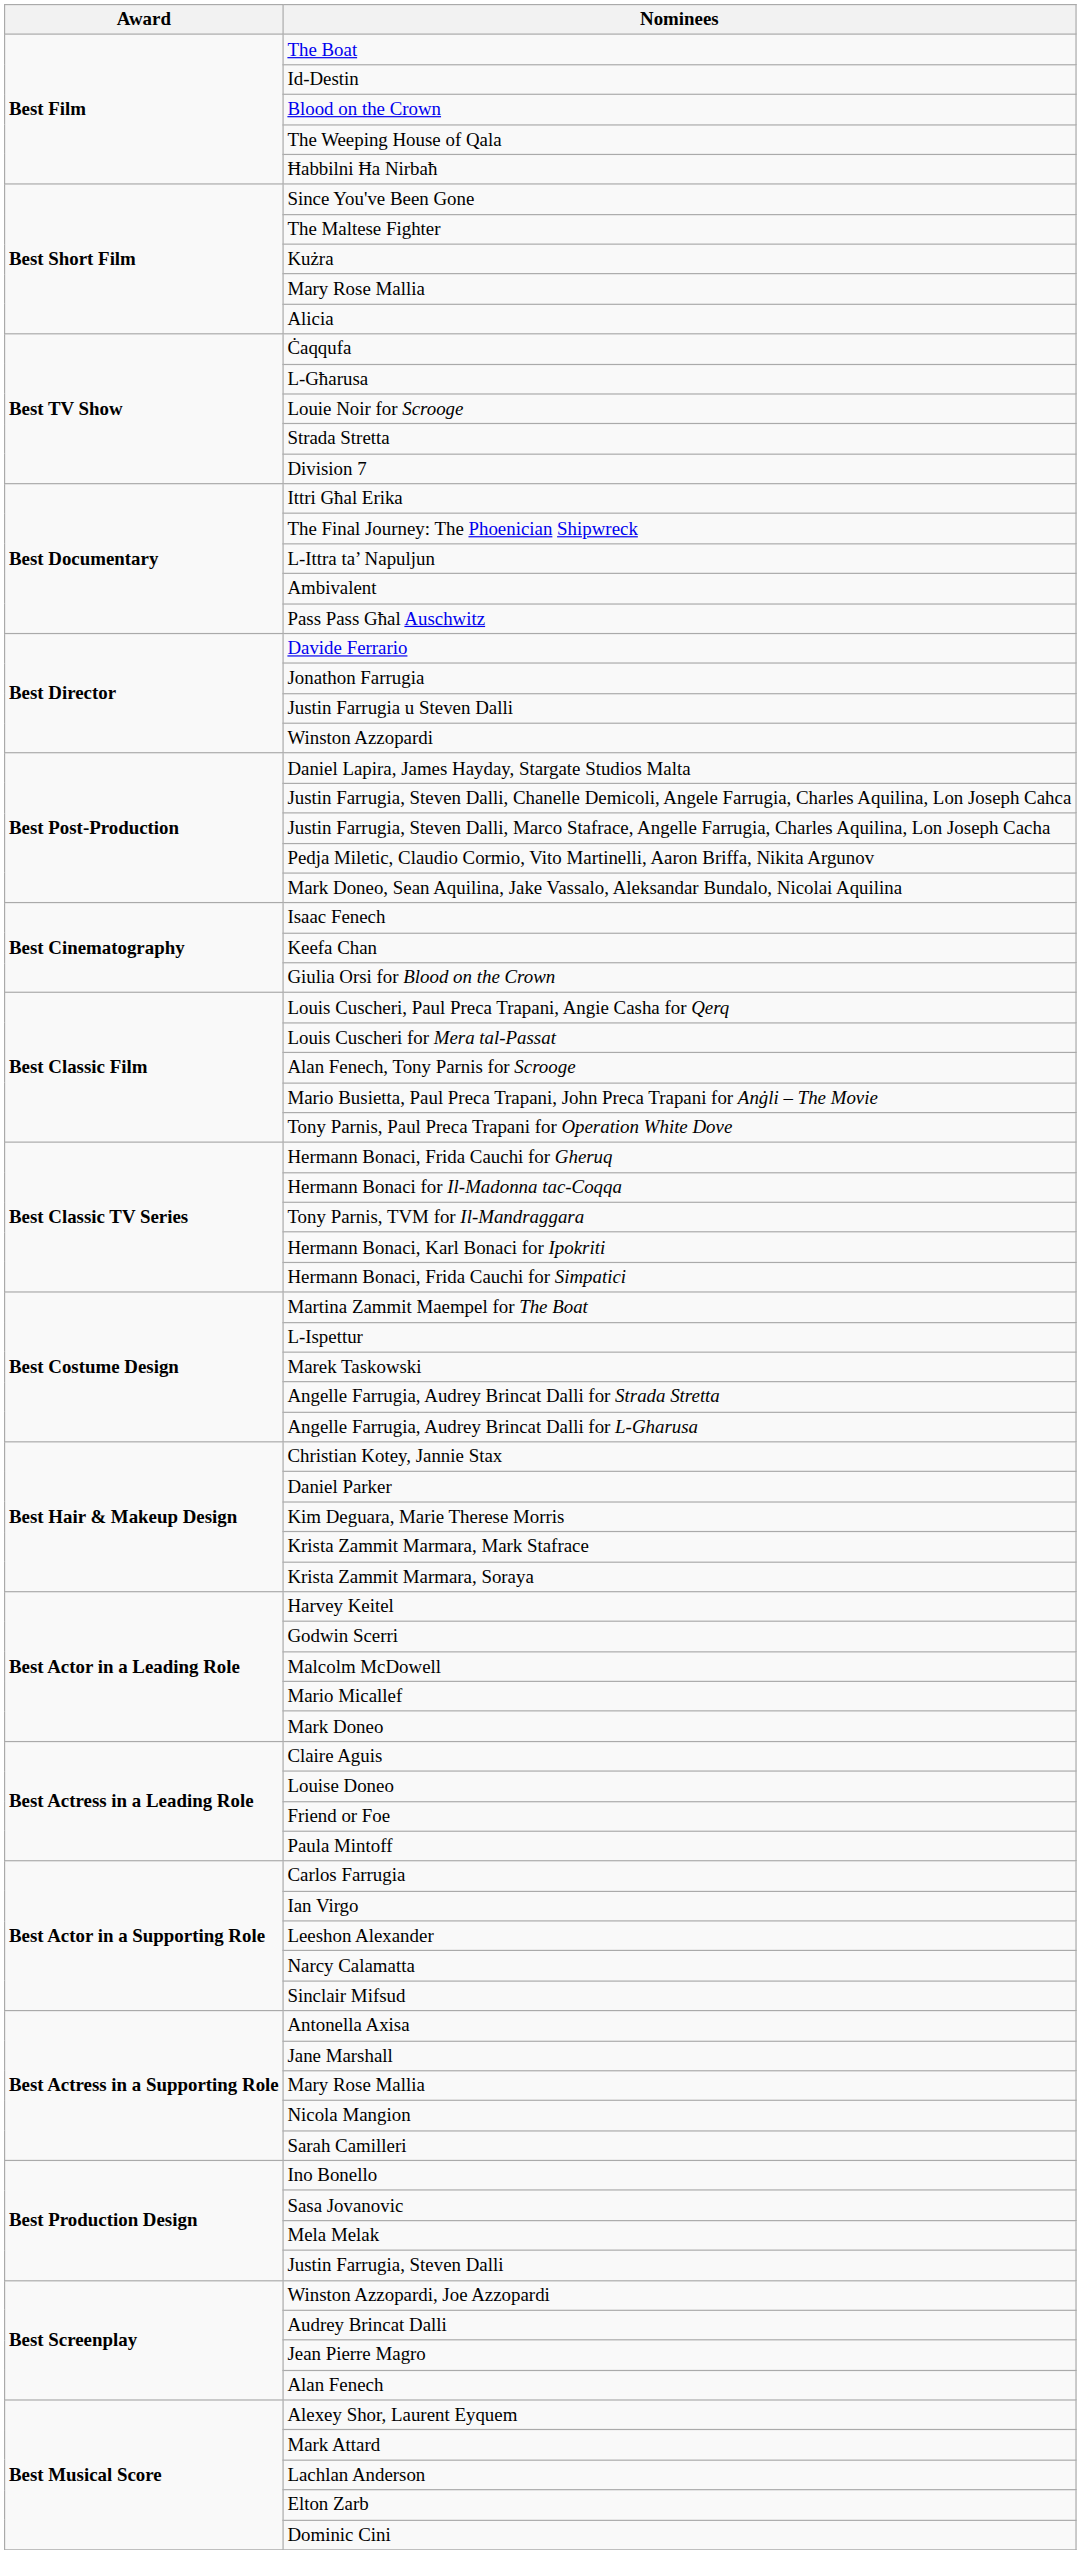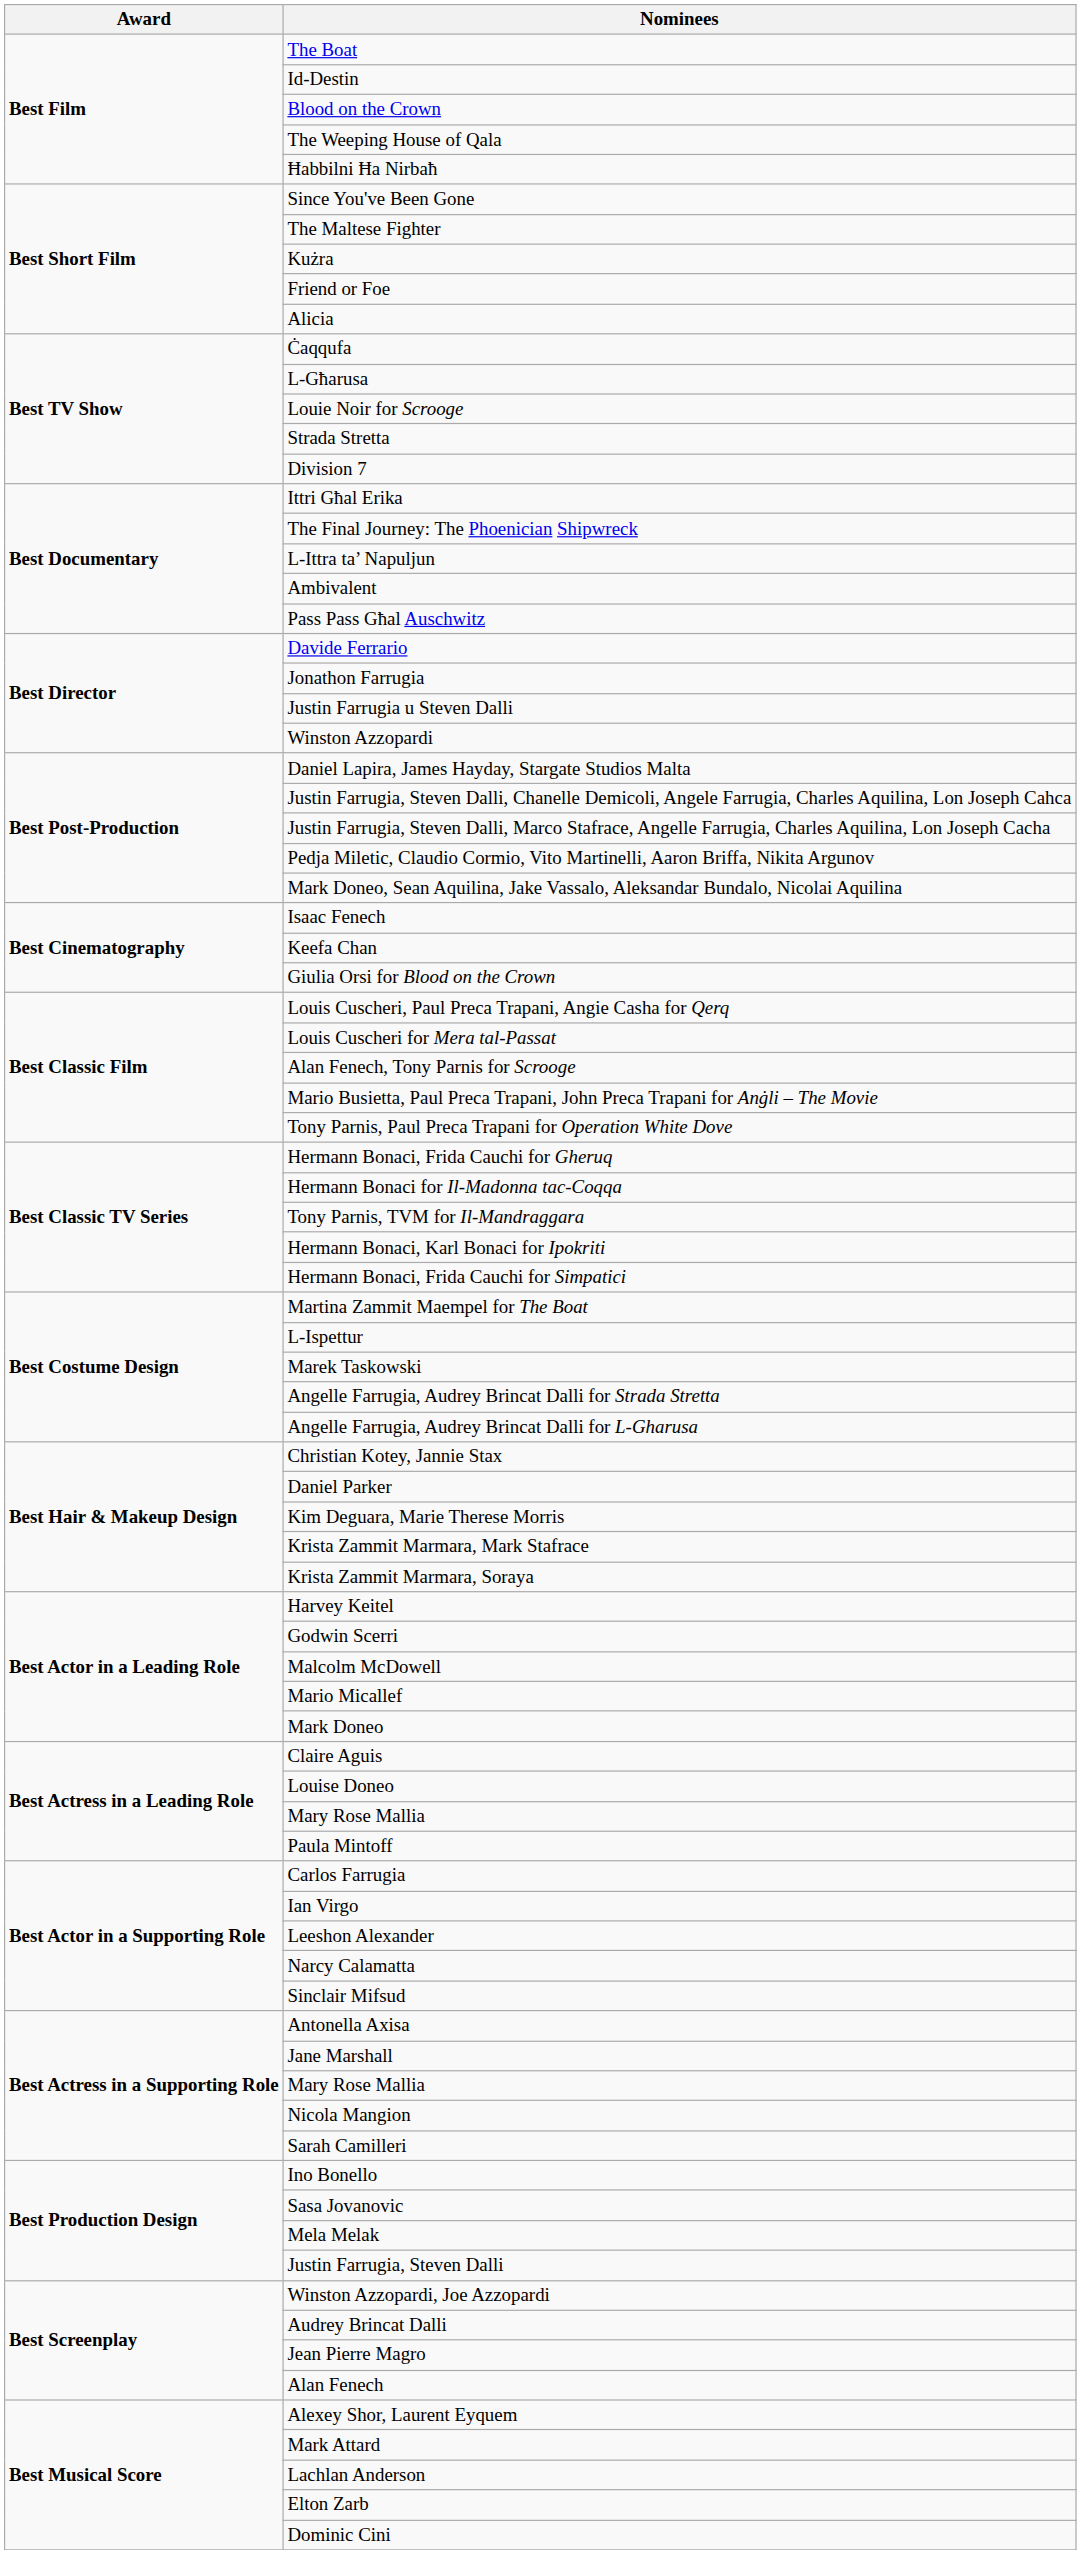 <table class="wikitable">
 <tr>
 <th>Award</th>
 <th>Nominees</th>
 </tr>
 <tr>
 <td rowspan="5"><strong>Best Film</strong></td>
 <td><a href='#'>The Boat</a></td>
 </tr>
 <tr>
 <td>Id-Destin</td>
 </tr>
 <tr>
 <td><a href='#'>Blood on the Crown</a></td>
 </tr>
 <tr>
 <td>The Weeping House of Qala</td>
 </tr>
 <tr>
 <td>Ħabbilni Ħa Nirbaħ</td>
 </tr>
 <tr>
 <td rowspan="5"><strong>Best Short Film</strong></td>
 <td>Since You've Been Gone</td>
 </tr>
 <tr>
 <td>The Maltese Fighter</td>
 </tr>
 <tr>
 <td>Kużra</td>
 </tr>
 <tr>
-<td>Mary Rose Mallia</td>
+<td>Friend or Foe</td>
 </tr>
 <tr>
 <td>Alicia</td>
 </tr>
 <tr>
 <td rowspan="5"><strong>Best TV Show</strong></td>
 <td>Ċaqqufa</td>
 </tr>
 <tr>
 <td>L-Għarusa</td>
 </tr>
 <tr>
 <td>Louie Noir for <em>Scrooge</em></td>
 </tr>
 <tr>
 <td>Strada Stretta</td>
 </tr>
 <tr>
 <td>Division 7</td>
 </tr>
 <tr>
 <td rowspan="5"><strong>Best Documentary</strong></td>
 <td>Ittri Għal Erika</td>
 </tr>
 <tr>
 <td>The Final Journey: The <a href='#'>Phoenician</a> <a href='#'>Shipwreck</a></td>
 </tr>
 <tr>
 <td>L-Ittra ta’ Napuljun</td>
 </tr>
 <tr>
 <td>Ambivalent</td>
 </tr>
 <tr>
 <td>Pass Pass Għal <a href='#'>Auschwitz</a></td>
 </tr>
 <tr>
 <td rowspan="4"><strong>Best Director</strong></td>
 <td><a href='#'>Davide Ferrario</a></td>
 </tr>
 <tr>
 <td>Jonathon Farrugia</td>
 </tr>
 <tr>
 <td>Justin Farrugia u Steven Dalli</td>
 </tr>
 <tr>
 <td>Winston Azzopardi</td>
 </tr>
 <tr>
 <td rowspan="5"><strong>Best Post-Production</strong></td>
 <td>Daniel Lapira, James Hayday, Stargate Studios Malta</td>
 </tr>
 <tr>
 <td>Justin Farrugia, Steven Dalli, Chanelle Demicoli, Angele Farrugia, Charles Aquilina, Lon Joseph Cahca</td>
 </tr>
 <tr>
 <td>Justin Farrugia, Steven Dalli, Marco Stafrace, Angelle Farrugia, Charles Aquilina, Lon Joseph Cacha</td>
 </tr>
 <tr>
 <td>Pedja Miletic, Claudio Cormio, Vito Martinelli, Aaron Briffa, Nikita Argunov</td>
 </tr>
 <tr>
 <td>Mark Doneo, Sean Aquilina, Jake Vassalo, Aleksandar Bundalo, Nicolai Aquilina</td>
 </tr>
 <tr>
 <td rowspan="3"><strong>Best Cinematography</strong></td>
 <td>Isaac Fenech</td>
 </tr>
 <tr>
 <td>Keefa Chan</td>
 </tr>
 <tr>
 <td>Giulia Orsi for <em>Blood on the Crown</em></td>
 </tr>
 <tr>
 <td rowspan="5"><strong>Best Classic Film</strong></td>
 <td>Louis Cuscheri, Paul Preca Trapani, Angie Casha for <em>Qerq</em></td>
 </tr>
 <tr>
 <td>Louis Cuscheri for <em>Mera tal-Passat</em></td>
 </tr>
 <tr>
 <td>Alan Fenech, Tony Parnis for <em>Scrooge</em></td>
 </tr>
 <tr>
 <td>Mario Busietta, Paul Preca Trapani, John Preca Trapani for <em>Anġli – The Movie</em></td>
 </tr>
 <tr>
 <td>Tony Parnis, Paul Preca Trapani for <em>Operation White Dove</em></td>
 </tr>
 <tr>
 <td rowspan="5"><strong>Best Classic TV Series</strong></td>
 <td>Hermann Bonaci, Frida Cauchi for <em>Gheruq</em></td>
 </tr>
 <tr>
 <td>Hermann Bonaci for <em>Il-Madonna tac-Coqqa</em></td>
 </tr>
 <tr>
 <td>Tony Parnis, TVM for <em>Il-Mandraggara</em></td>
 </tr>
 <tr>
 <td>Hermann Bonaci, Karl Bonaci for <em>Ipokriti</em></td>
 </tr>
 <tr>
 <td>Hermann Bonaci, Frida Cauchi for <em>Simpatici</em></td>
 </tr>
 <tr>
 <td rowspan="5"><strong>Best Costume Design</strong></td>
 <td>Martina Zammit Maempel for <em>The Boat</em></td>
 </tr>
 <tr>
 <td>L-Ispettur</td>
 </tr>
 <tr>
 <td>Marek Taskowski</td>
 </tr>
 <tr>
 <td>Angelle Farrugia, Audrey Brincat Dalli for <em>Strada Stretta</em></td>
 </tr>
 <tr>
 <td>Angelle Farrugia, Audrey Brincat Dalli for <em>L-Gharusa</em></td>
 </tr>
 <tr>
 <td rowspan="5"><strong>Best Hair  & Makeup Design</strong></td>
 <td>Christian Kotey, Jannie Stax</td>
 </tr>
 <tr>
 <td>Daniel Parker</td>
 </tr>
 <tr>
 <td>Kim Deguara, Marie Therese Morris</td>
 </tr>
 <tr>
 <td>Krista Zammit Marmara, Mark Stafrace</td>
 </tr>
 <tr>
 <td>Krista Zammit Marmara, Soraya</td>
 </tr>
 <tr>
 <td rowspan="5"><strong>Best Actor in a Leading Role</strong></td>
 <td>Harvey Keitel</td>
 </tr>
 <tr>
 <td>Godwin Scerri</td>
 </tr>
 <tr>
 <td>Malcolm McDowell</td>
 </tr>
 <tr>
 <td>Mario Micallef</td>
 </tr>
 <tr>
 <td>Mark Doneo</td>
 </tr>
 <tr>
 <td rowspan="4"><strong>Best Actress in a Leading Role</strong></td>
 <td>Claire Aguis</td>
 </tr>
 <tr>
 <td>Louise Doneo</td>
 </tr>
 <tr>
-<td>Friend or Foe</td>
+<td>Mary Rose Mallia</td>
 </tr>
 <tr>
 <td>Paula Mintoff</td>
 </tr>
 <tr>
 <td rowspan="5"><strong>Best Actor in a Supporting Role</strong></td>
 <td>Carlos Farrugia</td>
 </tr>
 <tr>
 <td>Ian Virgo</td>
 </tr>
 <tr>
 <td>Leeshon Alexander</td>
 </tr>
 <tr>
 <td>Narcy Calamatta</td>
 </tr>
 <tr>
 <td>Sinclair Mifsud</td>
 </tr>
 <tr>
 <td rowspan="5"><strong>Best Actress in a Supporting Role</strong></td>
 <td>Antonella Axisa</td>
 </tr>
 <tr>
 <td>Jane Marshall</td>
 </tr>
 <tr>
 <td>Mary Rose Mallia</td>
 </tr>
 <tr>
 <td>Nicola Mangion</td>
 </tr>
 <tr>
 <td>Sarah Camilleri</td>
 </tr>
 <tr>
 <td rowspan="4"><strong>Best Production Design</strong></td>
 <td>Ino Bonello</td>
 </tr>
 <tr>
 <td>Sasa Jovanovic</td>
 </tr>
 <tr>
 <td>Mela Melak</td>
 </tr>
 <tr>
 <td>Justin Farrugia, Steven Dalli</td>
 </tr>
 <tr>
 <td rowspan="4"><strong>Best Screenplay</strong></td>
 <td>Winston Azzopardi, Joe Azzopardi</td>
 </tr>
 <tr>
 <td>Audrey Brincat Dalli</td>
 </tr>
 <tr>
 <td>Jean Pierre Magro</td>
 </tr>
 <tr>
 <td>Alan Fenech</td>
 </tr>
 <tr>
 <td rowspan="5"><strong>Best Musical Score</strong></td>
 <td>Alexey Shor, Laurent Eyquem</td>
 </tr>
 <tr>
 <td>Mark Attard</td>
 </tr>
 <tr>
 <td>Lachlan Anderson</td>
 </tr>
 <tr>
 <td>Elton Zarb</td>
 </tr>
 <tr>
 <td>Dominic Cini</td>
 </tr>
 </table>
